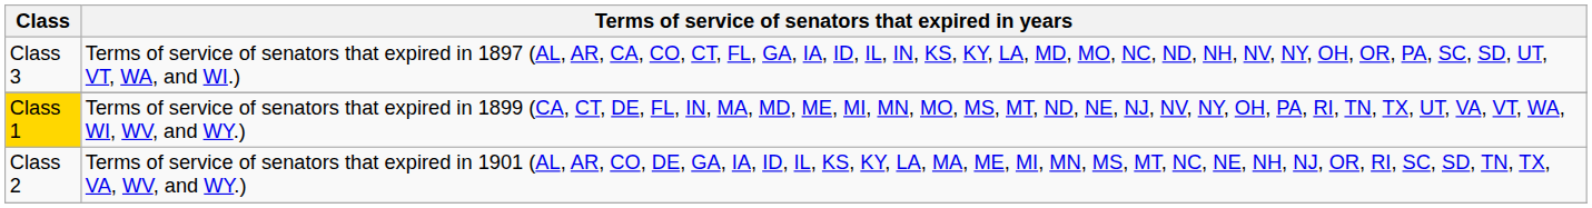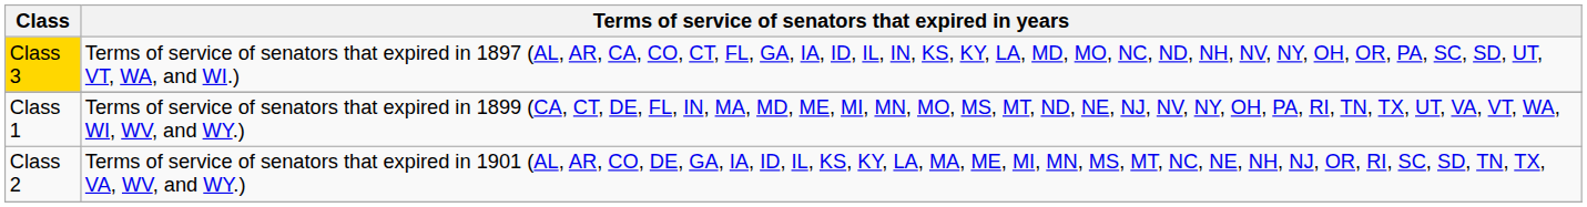 <table class="wikitable sortable">
 <tr valign=bottom>
 <th>Class</th>
 <th>Terms of service of senators that expired in years</th>
 </tr>
 <tr>
-<td>Class 3</td>
+<td style="background: gold;">Class 3</td>
 <td>Terms of service of senators that expired in 1897 (<a href='#'>AL</a>, <a href='#'>AR</a>, <a href='#'>CA</a>, <a href='#'>CO</a>, <a href='#'>CT</a>, <a href='#'>FL</a>, <a href='#'>GA</a>, <a href='#'>IA</a>, <a href='#'>ID</a>, <a href='#'>IL</a>, <a href='#'>IN</a>, <a href='#'>KS</a>, <a href='#'>KY</a>, <a href='#'>LA</a>, <a href='#'>MD</a>, <a href='#'>MO</a>, <a href='#'>NC</a>, <a href='#'>ND</a>, <a href='#'>NH</a>, <a href='#'>NV</a>, <a href='#'>NY</a>, <a href='#'>OH</a>, <a href='#'>OR</a>, <a href='#'>PA</a>, <a href='#'>SC</a>, <a href='#'>SD</a>, <a href='#'>UT</a>, <a href='#'>VT</a>, <a href='#'>WA</a>, and <a href='#'>WI</a>.)</td>
 </tr>
 <tr>
 </tr>
 <tr>
-<td style="background: gold;">Class 1</td>
+<td>Class 1</td>
 <td>Terms of service of senators that expired in 1899 (<a href='#'>CA</a>, <a href='#'>CT</a>, <a href='#'>DE</a>, <a href='#'>FL</a>, <a href='#'>IN</a>, <a href='#'>MA</a>, <a href='#'>MD</a>, <a href='#'>ME</a>,  <a href='#'>MI</a>, <a href='#'>MN</a>, <a href='#'>MO</a>, <a href='#'>MS</a>, <a href='#'>MT</a>, <a href='#'>ND</a>, <a href='#'>NE</a>, <a href='#'>NJ</a>,  <a href='#'>NV</a>, <a href='#'>NY</a>, <a href='#'>OH</a>, <a href='#'>PA</a>, <a href='#'>RI</a>, <a href='#'>TN</a>, <a href='#'>TX</a>, <a href='#'>UT</a>, <a href='#'>VA</a>, <a href='#'>VT</a>, <a href='#'>WA</a>, <a href='#'>WI</a>, <a href='#'>WV</a>, and <a href='#'>WY</a>.)</td>
 </tr>
 <tr>
 <td>Class 2</td>
 <td>Terms of service of senators that expired in 1901 (<a href='#'>AL</a>, <a href='#'>AR</a>, <a href='#'>CO</a>, <a href='#'>DE</a>, <a href='#'>GA</a>, <a href='#'>IA</a>, <a href='#'>ID</a>, <a href='#'>IL</a>, <a href='#'>KS</a>, <a href='#'>KY</a>, <a href='#'>LA</a>, <a href='#'>MA</a>, <a href='#'>ME</a>, <a href='#'>MI</a>, <a href='#'>MN</a>, <a href='#'>MS</a>, <a href='#'>MT</a>, <a href='#'>NC</a>, <a href='#'>NE</a>, <a href='#'>NH</a>, <a href='#'>NJ</a>, <a href='#'>OR</a>, <a href='#'>RI</a>, <a href='#'>SC</a>, <a href='#'>SD</a>, <a href='#'>TN</a>, <a href='#'>TX</a>, <a href='#'>VA</a>, <a href='#'>WV</a>, and <a href='#'>WY</a>.)</td>
 </tr>
 <tr>
 </tr>
 </table>
